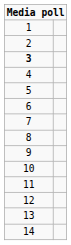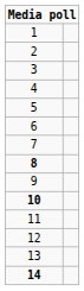 <table class="wikitable">
 <tr align="center">
 <td align="center" Colspan="3"><strong>Media poll</strong></td>
 </tr>
 <tr align="center">
 <td>1</td>
 <td></td>
 </tr>
 <tr align="center">
 <td>2</td>
 <td></td>
 </tr>
 <tr align="center">
-<td><strong>3</strong></td>
+<td>3</td>
 <td></td>
 </tr>
 <tr align="center">
 <td>4</td>
 <td></td>
 </tr>
 <tr align="center">
 <td>5</td>
 <td></td>
 </tr>
 <tr align="center">
 <td>6</td>
 <td></td>
 </tr>
 <tr align="center">
 <td>7</td>
 <td></td>
 </tr>
 <tr align="center">
-<td>8</td>
+<td><strong>8</strong></td>
 <td></td>
 </tr>
 <tr align="center">
 <td>9</td>
 <td></td>
 </tr>
 <tr align="center">
-<td>10</td>
+<td><strong>10</strong></td>
 <td></td>
 </tr>
 <tr align="center">
 <td>11</td>
 <td></td>
 </tr>
 <tr align="center">
 <td>12</td>
 <td></td>
 </tr>
 <tr align="center">
 <td>13</td>
 <td></td>
 </tr>
 <tr align="center">
-<td>14</td>
+<td><strong>14</strong></td>
 <td></td>
 </tr>
 </table>
